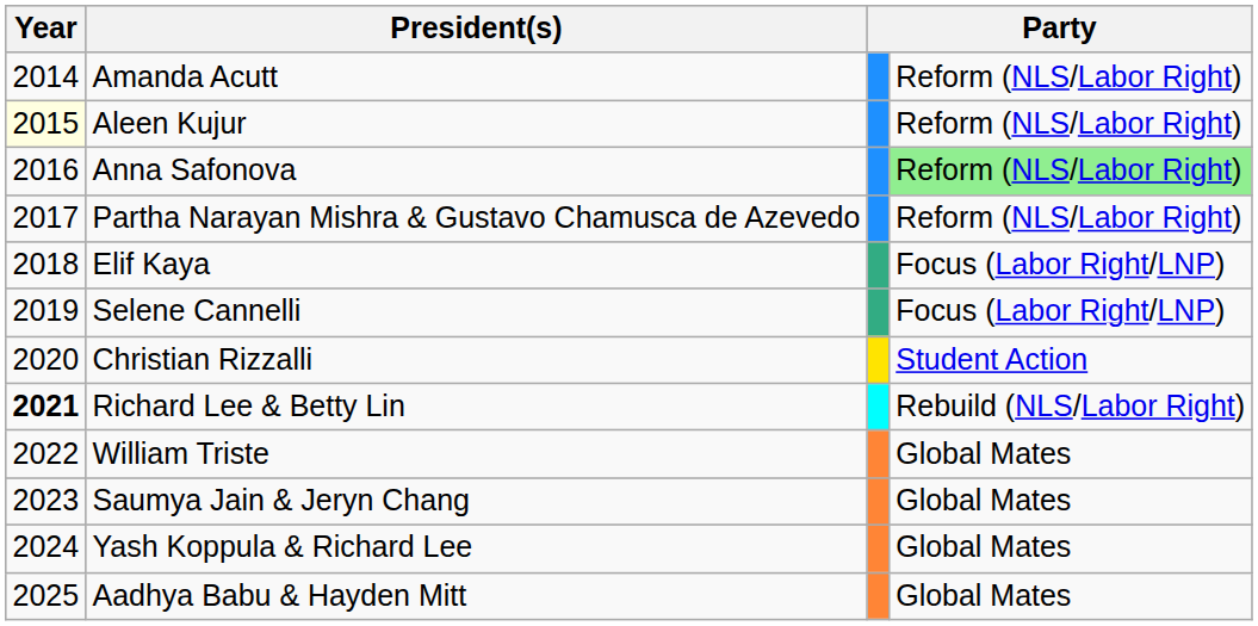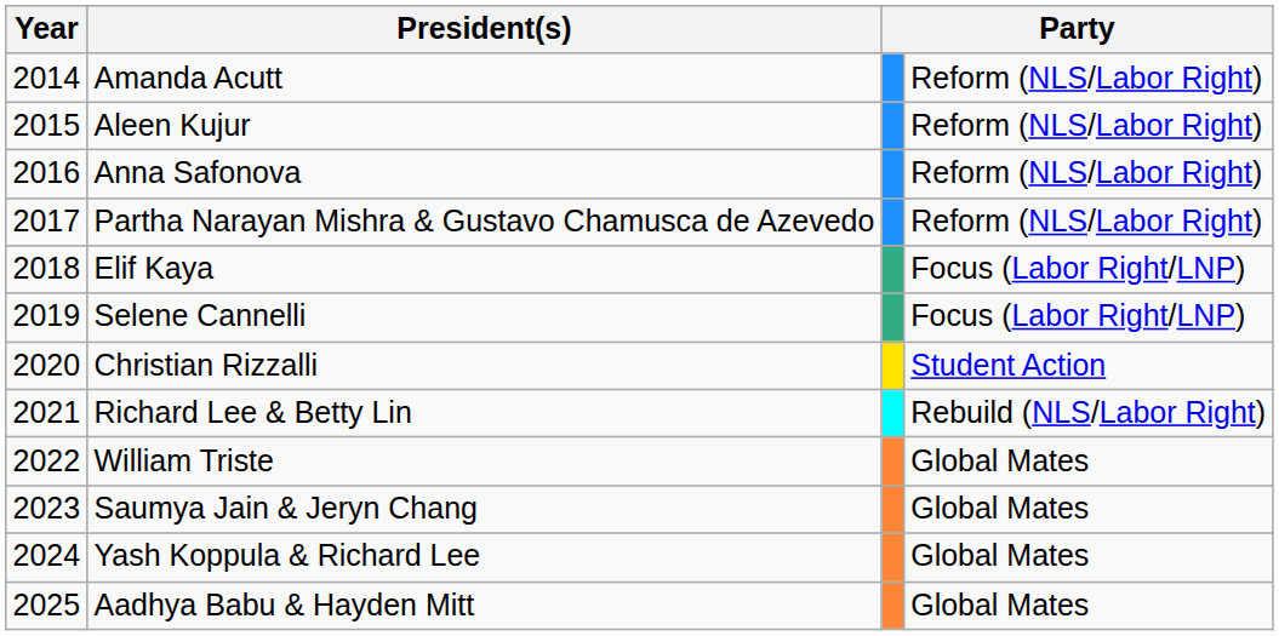 <table class="wikitable">
 <tr>
 <th>Year</th>
 <th>President(s)</th>
 <th colspan="2">Party</th>
 </tr>
 <tr>
 <td>2014</td>
 <td>Amanda Acutt</td>
 <td style="background:#1E90FF"> </td>
 <td rowspan="1" style="text-align:left;">Reform (<a href='#'>NLS</a>/<a href='#'>Labor Right</a>)</td>
 </tr>
 <tr>
-<td style="background: lightyellow;">2015</td>
+<td>2015</td>
 <td>Aleen Kujur</td>
 <td style="background:#1E90FF"> </td>
 <td rowspan="1" style="text-align:left;">Reform (<a href='#'>NLS</a>/<a href='#'>Labor Right</a>)</td>
 </tr>
 <tr>
 <td>2016</td>
 <td>Anna Safonova</td>
 <td style="background:#1E90FF"> </td>
-<td rowspan="1" style="background: lightgreen; text-align:left;">Reform (<a href='#'>NLS</a>/<a href='#'>Labor Right</a>)</td>
+<td rowspan="1" style="text-align:left;">Reform (<a href='#'>NLS</a>/<a href='#'>Labor Right</a>)</td>
 </tr>
 <tr>
 <td>2017</td>
 <td>Partha Narayan Mishra & Gustavo Chamusca de Azevedo</td>
 <td style="background:#1E90FF"> </td>
 <td rowspan="1" style="text-align:left;">Reform (<a href='#'>NLS</a>/<a href='#'>Labor Right</a>)</td>
 </tr>
 <tr>
 <td>2018</td>
 <td>Elif Kaya</td>
 <td style="background:#32AC83"> </td>
 <td rowspan="1" style="text-align:left;">Focus (<a href='#'>Labor Right</a>/<a href='#'>LNP</a>)</td>
 </tr>
 <tr>
 <td>2019</td>
 <td>Selene Cannelli</td>
 <td style="background:#32AC83"> </td>
 <td rowspan="1" style="text-align:left;">Focus (<a href='#'>Labor Right</a>/<a href='#'>LNP</a>)</td>
 </tr>
 <tr>
 <td>2020</td>
 <td>Christian Rizzalli</td>
 <td style="background:#FFE400"> </td>
 <td style="text-align:left;"><a href='#'>Student Action</a></td>
 </tr>
 <tr>
-<td><strong>2021</strong></td>
+<td>2021</td>
 <td>Richard Lee & Betty Lin</td>
 <td style="background:#00FFFF"> </td>
 <td rowspan="1" style="text-align:left;">Rebuild (<a href='#'>NLS</a>/<a href='#'>Labor Right</a>)</td>
 </tr>
 <tr>
 <td>2022</td>
 <td>William Triste</td>
 <td style="background:#FF8536"> </td>
 <td rowspan="1" style="text-align:left;">Global Mates</td>
 </tr>
 <tr>
 <td>2023</td>
 <td>Saumya Jain & Jeryn Chang</td>
 <td style="background:#FF8536"> </td>
 <td rowspan="1" style="text-align:left;">Global Mates</td>
 </tr>
 <tr>
 <td>2024</td>
 <td>Yash Koppula & Richard Lee</td>
 <td style="background:#FF8536"> </td>
 <td rowspan="1" style="text-align:left;">Global Mates</td>
 </tr>
 <tr>
 <td>2025</td>
 <td>Aadhya Babu & Hayden Mitt</td>
 <td style="background:#FF8536"> </td>
 <td rowspan="1" style="text-align:left;">Global Mates</td>
 </tr>
 </table>
